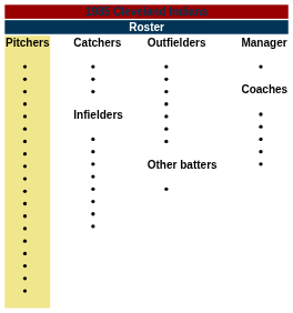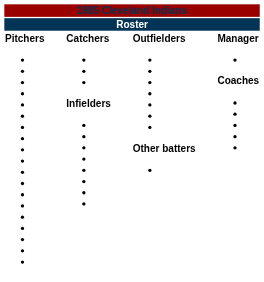 <table class="toccolours" style="font-size: 95%;">
 <tr>
 <th colspan="10" style="background-color: #990000; color: #023456; text-align: center;">1985 Cleveland Indians</th>
 </tr>
 <tr>
 <td colspan="10" style="background-color: #023456; color: #FFFFFF; text-align: center;"><strong>Roster</strong></td>
 </tr>
 <tr>
-<td valign="top" style="background: khaki;"><strong>Pitchers</strong><br><ul><li></li><li></li><li></li><li></li><li></li><li></li><li></li><li></li><li></li><li></li><li></li><li></li><li></li><li></li><li></li><li></li><li></li><li></li><li></li></ul></td>
+<td valign="top"><strong>Pitchers</strong><br><ul><li></li><li></li><li></li><li></li><li></li><li></li><li></li><li></li><li></li><li></li><li></li><li></li><li></li><li></li><li></li><li></li><li></li><li></li><li></li></ul></td>
 <td width="25px"></td>
 <td valign="top"><strong>Catchers</strong><br><ul><li></li><li></li><li></li></ul><strong>Infielders</strong><ul><li></li><li></li><li></li><li></li><li></li><li></li><li></li><li></li></ul></td>
 <td width="25px"></td>
 <td valign="top"><strong>Outfielders</strong><br><ul><li></li><li></li><li></li><li></li><li></li><li></li><li></li></ul><strong>Other batters</strong><ul><li></li></ul></td>
 <td width="25px"></td>
 <td valign="top"><strong>Manager</strong><br><ul><li></li></ul><strong>Coaches</strong><ul><li></li><li></li><li></li><li></li><li></li></ul></td>
 </tr>
 </table>
